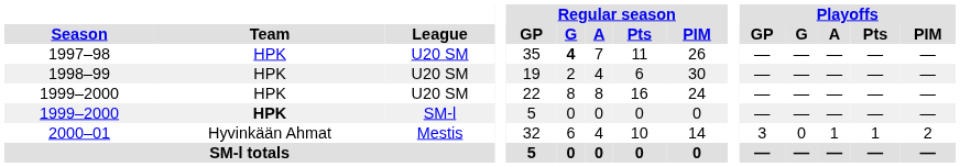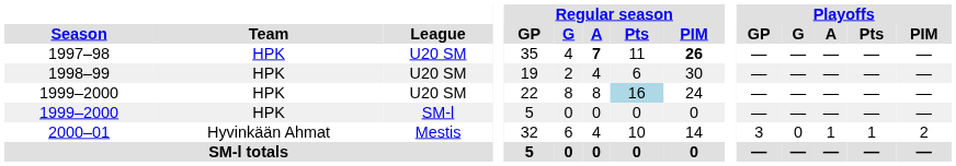 <table border="0" cellpadding="1" cellspacing="0" style="text-align:center; width:60em">
 <tr bgcolor="#e0e0e0">
 <th colspan="3" bgcolor="#ffffff"> </th>
 <th rowspan="99" bgcolor="#ffffff"> </th>
 <th colspan="5"><a href='#'>Regular season</a></th>
 <th rowspan="99" bgcolor="#ffffff"> </th>
 <th colspan="5"><a href='#'>Playoffs</a></th>
 </tr>
 <tr bgcolor="#e0e0e0">
 <th><a href='#'>Season</a></th>
 <th>Team</th>
 <th>League</th>
 <th>GP</th>
 <th><a href='#'>G</a></th>
 <th><a href='#'>A</a></th>
 <th><a href='#'>Pts</a></th>
 <th><a href='#'>PIM</a></th>
 <th>GP</th>
 <th>G</th>
 <th>A</th>
 <th>Pts</th>
 <th>PIM</th>
 </tr>
 <tr>
 <td>1997–98</td>
 <td><a href='#'>HPK</a></td>
 <td><a href='#'>U20 SM</a></td>
 <td>35</td>
-<td><strong>4</strong></td>
-<td>7</td>
+<td>4</td>
+<td><strong>7</strong></td>
 <td>11</td>
-<td>26</td>
+<td><strong>26</strong></td>
 <td>—</td>
 <td>—</td>
 <td>—</td>
 <td>—</td>
 <td>—</td>
 </tr>
 <tr bgcolor="#f0f0f0">
 <td>1998–99</td>
 <td>HPK</td>
 <td>U20 SM</td>
 <td>19</td>
 <td>2</td>
 <td>4</td>
 <td>6</td>
 <td>30</td>
 <td>—</td>
 <td>—</td>
 <td>—</td>
 <td>—</td>
 <td>—</td>
 </tr>
 <tr>
 <td>1999–2000</td>
 <td>HPK</td>
 <td>U20 SM</td>
 <td>22</td>
 <td>8</td>
 <td>8</td>
-<td>16</td>
+<td style="background: lightblue;">16</td>
 <td>24</td>
 <td>—</td>
 <td>—</td>
 <td>—</td>
 <td>—</td>
 <td>—</td>
 </tr>
 <tr bgcolor="#f0f0f0">
 <td><a href='#'>1999–2000</a></td>
-<td><strong>HPK</strong></td>
+<td>HPK</td>
 <td><a href='#'>SM-l</a></td>
 <td>5</td>
 <td>0</td>
 <td>0</td>
 <td>0</td>
 <td>0</td>
 <td>—</td>
 <td>—</td>
 <td>—</td>
 <td>—</td>
 <td>—</td>
 </tr>
 <tr>
 <td><a href='#'>2000–01</a></td>
 <td>Hyvinkään Ahmat</td>
 <td><a href='#'>Mestis</a></td>
 <td>32</td>
 <td>6</td>
 <td>4</td>
 <td>10</td>
 <td>14</td>
 <td>3</td>
 <td>0</td>
 <td>1</td>
 <td>1</td>
 <td>2</td>
 </tr>
 <tr bgcolor="#e0e0e0">
 <th colspan="3">SM-l totals</th>
 <th>5</th>
 <th>0</th>
 <th>0</th>
 <th>0</th>
 <th>0</th>
 <th>—</th>
 <th>—</th>
 <th>—</th>
 <th>—</th>
 <th>—</th>
 </tr>
 </table>
